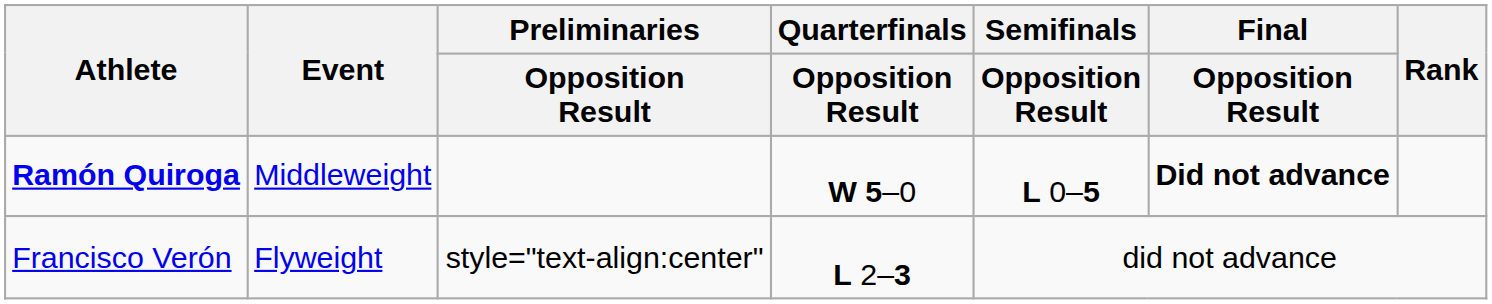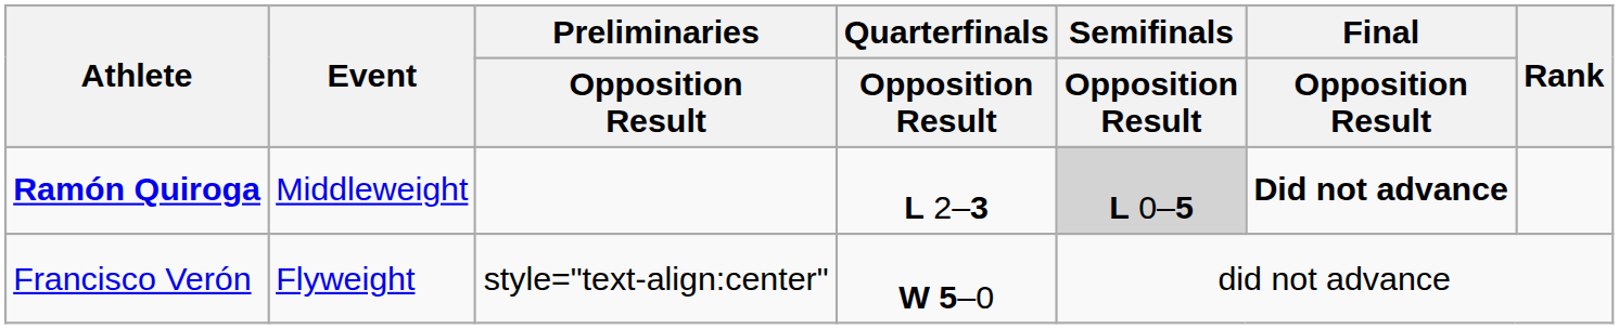 <table class="wikitable" border="1" style="font-size:90%">
 <tr>
 <th rowspan=2>Athlete</th>
 <th rowspan=2>Event</th>
 <th>Preliminaries</th>
 <th>Quarterfinals</th>
 <th>Semifinals</th>
 <th>Final</th>
 <th rowspan=2>Rank</th>
 </tr>
 <tr>
 <th>Opposition<br>Result</th>
 <th>Opposition<br>Result</th>
 <th>Opposition<br>Result</th>
 <th>Opposition<br>Result</th>
 </tr>
 <tr style="text-align:center">
 <td style="text-align:left"><strong><a href='#'>Ramón Quiroga</a></strong></td>
 <td style="text-align:left"><a href='#'>Middleweight</a></td>
 <td></td>
-<td><br><strong>W</strong> <strong>5</strong>–0</td>
-<td><br><strong>L</strong> 0–<strong>5</strong></td>
+<td style="text-align:center"><br><strong>L</strong> 2–<strong>3</strong></td>
+<td style="background: lightgrey;"><br><strong>L</strong> 0–<strong>5</strong></td>
 <td><strong>Did not advance</strong></td>
 <td></td>
 </tr>
 <tr style="text-align:center">
 <td style="text-align:left"><a href='#'>Francisco Verón</a></td>
 <td style="text-align:left"><a href='#'>Flyweight</a></td>
 <td>style="text-align:center" </td>
-<td style="text-align:center"><br><strong>L</strong> 2–<strong>3</strong></td>
+<td><br><strong>W</strong> <strong>5</strong>–0</td>
 <td colspan=3>did not advance</td>
 </tr>
 </table>
